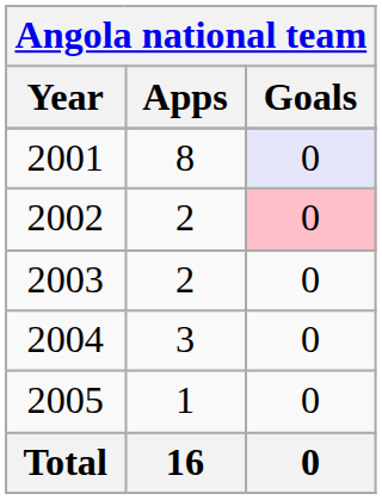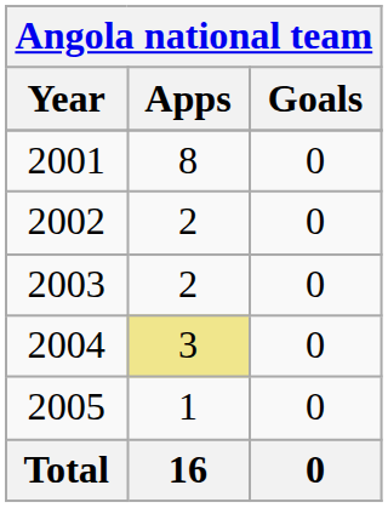 <table class="wikitable" style="text-align:center">
 <tr>
 <th colspan=3><a href='#'>Angola national team</a></th>
 </tr>
 <tr>
 <th>Year</th>
 <th>Apps</th>
 <th>Goals</th>
 </tr>
 <tr>
 </tr>
 <tr>
 <td>2001</td>
 <td>8</td>
-<td style="background: lavender;">0</td>
+<td>0</td>
 </tr>
 <tr>
 <td>2002</td>
 <td>2</td>
-<td style="background: pink;">0</td>
+<td>0</td>
 </tr>
 <tr>
 <td>2003</td>
 <td>2</td>
 <td>0</td>
 </tr>
 <tr>
 <td>2004</td>
-<td>3</td>
+<td style="background: khaki;">3</td>
 <td>0</td>
 </tr>
 <tr>
 <td>2005</td>
 <td>1</td>
 <td>0</td>
 </tr>
 <tr>
 <th>Total</th>
 <th>16</th>
 <th>0</th>
 </tr>
 </table>
